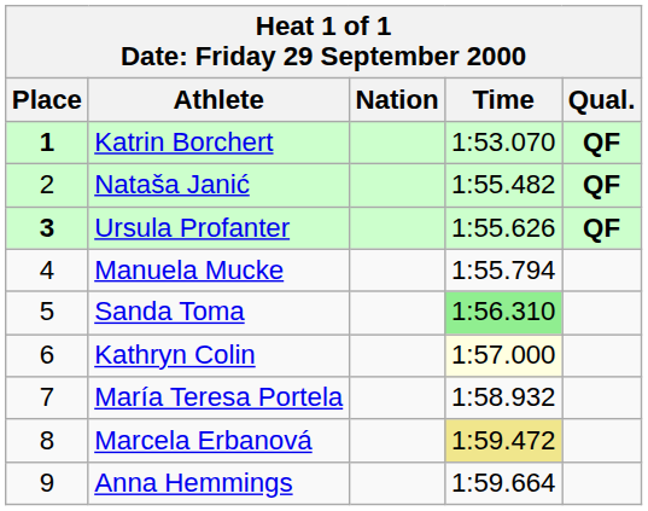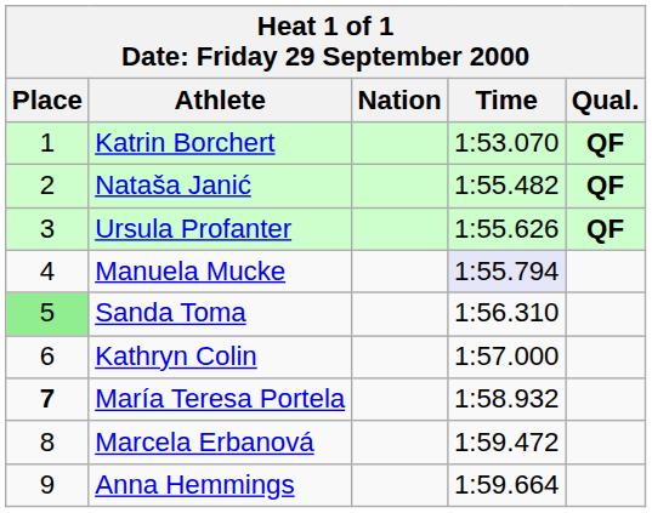 <table class="wikitable sortable">
 <tr>
 <th colspan=5>Heat 1 of 1 <br> Date: Friday 29 September 2000</th>
 </tr>
 <tr>
 <th>Place</th>
 <th>Athlete</th>
 <th>Nation</th>
 <th>Time</th>
 <th>Qual.</th>
 </tr>
 <tr bgcolor = "ccffcc">
-<td align="center"><strong>1</strong></td>
+<td align="center">1</td>
 <td align="left"><a href='#'>Katrin Borchert</a></td>
 <td align="left"></td>
 <td align="center">1:53.070</td>
 <td align="center"><strong>QF</strong></td>
 </tr>
 <tr bgcolor = "ccffcc">
 <td align="center">2</td>
 <td align="left"><a href='#'>Nataša Janić</a></td>
 <td align="left"></td>
 <td align="center">1:55.482</td>
 <td align="center"><strong>QF</strong></td>
 </tr>
 <tr bgcolor = "ccffcc">
-<td align="center"><strong>3</strong></td>
+<td align="center">3</td>
 <td align="left"><a href='#'>Ursula Profanter</a></td>
 <td align="left"></td>
 <td align="center">1:55.626</td>
 <td align="center"><strong>QF</strong></td>
 </tr>
 <tr>
 <td align="center">4</td>
 <td align="left"><a href='#'>Manuela Mucke</a></td>
 <td align="left"></td>
-<td align="center">1:55.794</td>
+<td align="center" style="background: lavender;">1:55.794</td>
 <td align="center"></td>
 </tr>
 <tr>
-<td align="center">5</td>
+<td align="center" style="background: lightgreen;">5</td>
 <td align="left"><a href='#'>Sanda Toma</a></td>
 <td align="left"></td>
-<td align="center" style="background: lightgreen;">1:56.310</td>
+<td align="center">1:56.310</td>
 <td align="center"></td>
 </tr>
 <tr>
 <td align="center">6</td>
 <td align="left"><a href='#'>Kathryn Colin</a></td>
 <td align="left"></td>
-<td align="center" style="background: lightyellow;">1:57.000</td>
+<td align="center">1:57.000</td>
 <td align="center"></td>
 </tr>
 <tr>
-<td align="center">7</td>
+<td align="center"><strong>7</strong></td>
 <td align="left"><a href='#'>María Teresa Portela</a></td>
 <td align="left"></td>
 <td align="center">1:58.932</td>
 <td align="center"></td>
 </tr>
 <tr>
 <td align="center">8</td>
 <td align="left"><a href='#'>Marcela Erbanová</a></td>
 <td align="left"></td>
-<td align="center" style="background: khaki;">1:59.472</td>
+<td align="center">1:59.472</td>
 <td align="center"></td>
 </tr>
 <tr>
 <td align="center">9</td>
 <td align="left"><a href='#'>Anna Hemmings</a></td>
 <td align="left"></td>
 <td align="center">1:59.664</td>
 <td align="center"></td>
 </tr>
 </table>
